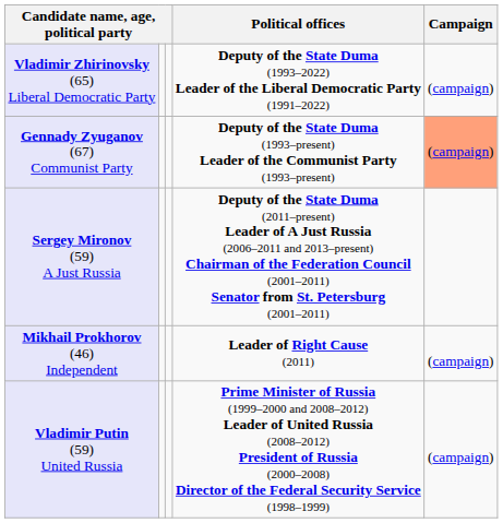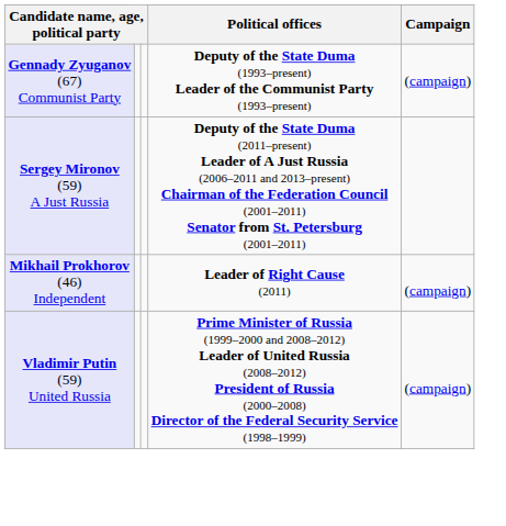 <table class="wikitable" style="text-align:center;">
 <tr>
 <th colspan="3">Candidate name, age,<br>political party</th>
 <th>Political offices</th>
 <th>Campaign</th>
 </tr>
 <tr>
-<td style="background:lavender;"><strong><a href='#'>Vladimir Zhirinovsky</a></strong><br>(65)<br><a href='#'>Liberal Democratic Party</a></td>
-<td></td>
-<td style="background-color:"></td>
-<td><strong>Deputy of the <a href='#'>State Duma</a></strong><br><small>(1993–2022)</small><br><strong>Leader of the Liberal Democratic Party</strong><br><small>(1991–2022)</small></td>
-<td><br>(<a href='#'>campaign</a>)</td>
-</tr>
-<tr>
 <td style="background:lavender;"><strong><a href='#'>Gennady Zyuganov</a></strong><br>(67)<br><a href='#'>Communist Party</a></td>
 <td></td>
 <td style="background-color:"></td>
 <td><strong>Deputy of the <a href='#'>State Duma</a></strong><br><small>(1993–present)</small><br><strong>Leader of the Communist Party</strong><br><small>(1993–present)</small></td>
-<td style="background: lightsalmon;">(<a href='#'>campaign</a>)</td>
+<td>(<a href='#'>campaign</a>)</td>
 </tr>
 <tr>
 <td style="background:lavender;"><strong><a href='#'>Sergey Mironov</a></strong><br>(59)<br><a href='#'>A Just Russia</a></td>
 <td></td>
 <td style="background-color:"></td>
 <td><strong>Deputy of the <a href='#'>State Duma</a></strong><br><small>(2011–present)</small><br><strong>Leader of A Just Russia</strong><br><small>(2006–2011 and 2013–present)</small><br><strong><a href='#'>Chairman of the Federation Council</a></strong><br><small>(2001–2011)</small><br><strong><a href='#'>Senator</a> from <a href='#'>St. Petersburg</a></strong><br><small>(2001–2011)</small></td>
 <td></td>
 </tr>
 <tr>
 <td style="background:lavender;"><strong><a href='#'>Mikhail Prokhorov</a></strong><br>(46)<br><a href='#'>Independent</a></td>
 <td></td>
 <td style="background-color:"></td>
 <td><strong>Leader of <a href='#'>Right Cause</a></strong><br><small>(2011)</small></td>
 <td><br>(<a href='#'>campaign</a>)</td>
 </tr>
 <tr>
 <td style="background:lavender;"><strong><a href='#'>Vladimir Putin</a></strong><br>(59)<br><a href='#'>United Russia</a></td>
 <td></td>
 <td style="background-color:"></td>
 <td><strong><a href='#'>Prime Minister of Russia</a></strong><br><small>(1999–2000 and 2008–2012)</small><br><strong>Leader of United Russia</strong><br><small>(2008–2012)</small><br><strong><a href='#'>President of Russia</a></strong><br><small>(2000–2008)</small><br><strong><a href='#'>Director of the Federal Security Service</a></strong><br><small>(1998–1999)</small></td>
 <td><br>(<a href='#'>campaign</a>)</td>
 </tr>
 </table>
